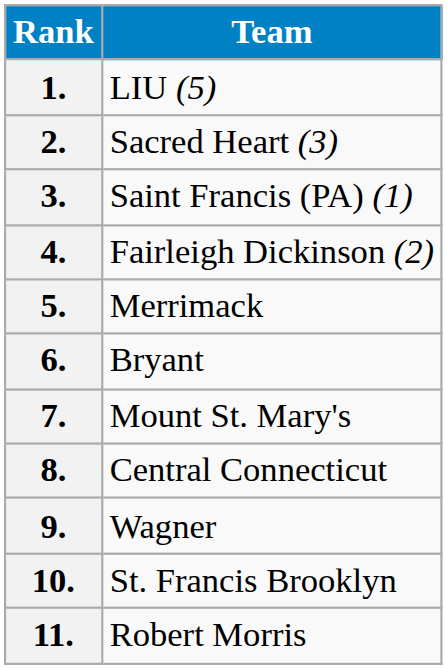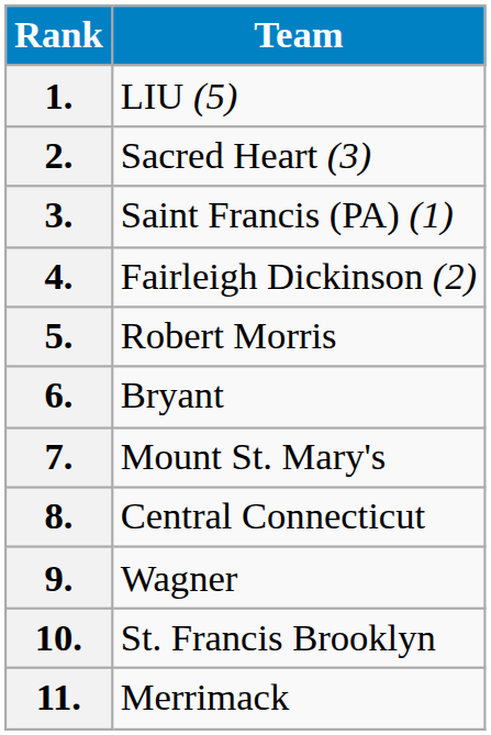 <table class="wikitable">
 <tr>
 <th align="center" style="background:#0081C4; color:#FFFFFF;">Rank</th>
 <th align="center" style="background:#0081C4; color:#FFFFFF;">Team</th>
 </tr>
 <tr>
 <th>1.</th>
 <td>LIU   <em>(5)</em></td>
 </tr>
 <tr>
 <th>2.</th>
 <td>Sacred Heart <em>(3)</em></td>
 </tr>
 <tr>
 <th>3.</th>
 <td>Saint Francis (PA) <em>(1)</em></td>
 </tr>
 <tr>
 <th>4.</th>
 <td>Fairleigh Dickinson <em>(2)</em></td>
 </tr>
 <tr>
 <th>5.</th>
-<td>Merrimack</td>
+<td>Robert Morris</td>
 </tr>
 <tr>
 <th>6.</th>
 <td>Bryant</td>
 </tr>
 <tr>
 <th>7.</th>
 <td>Mount St. Mary's</td>
 </tr>
 <tr>
 <th>8.</th>
 <td>Central Connecticut</td>
 </tr>
 <tr>
 <th>9.</th>
 <td>Wagner</td>
 </tr>
 <tr>
 <th>10.</th>
 <td>St. Francis Brooklyn</td>
 </tr>
 <tr>
 <th>11.</th>
-<td>Robert Morris</td>
+<td>Merrimack</td>
 </tr>
 </table>
